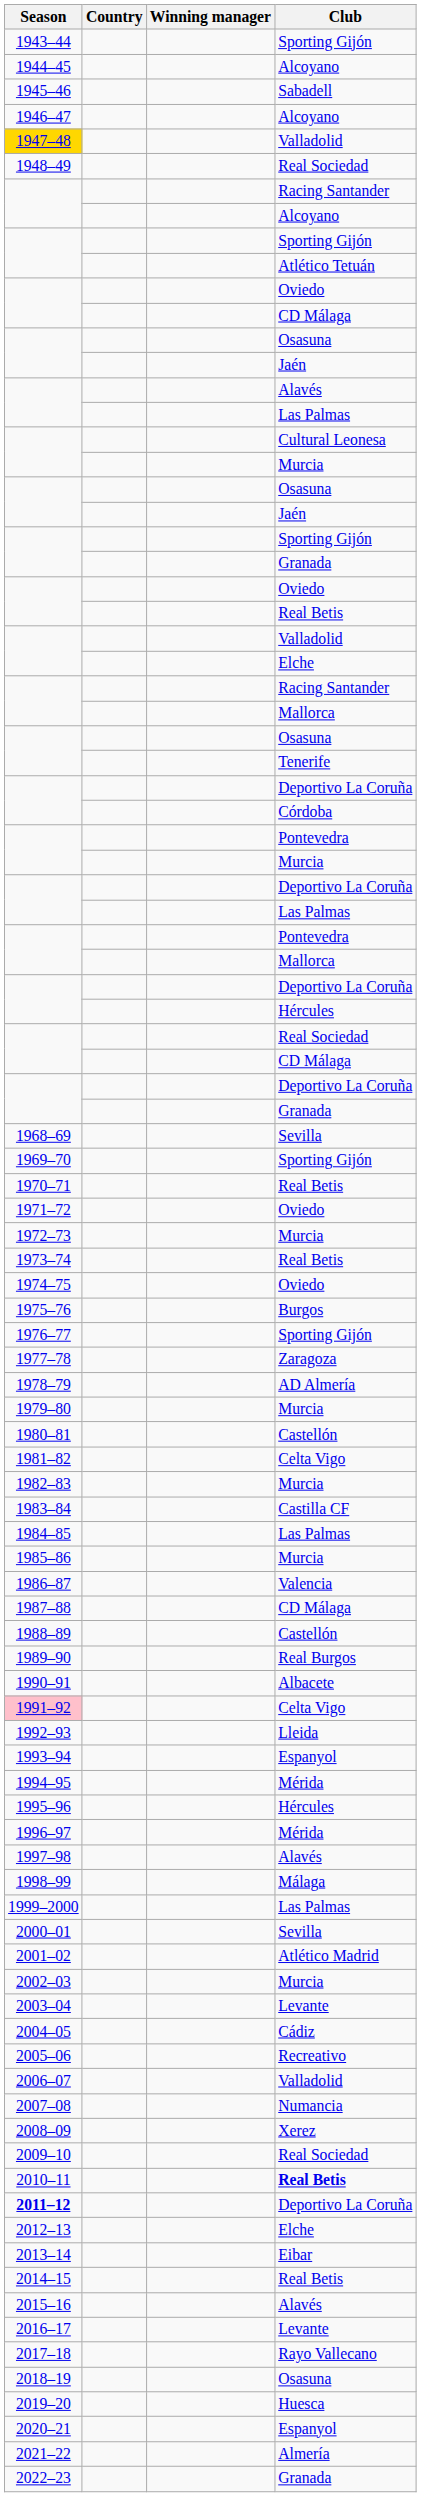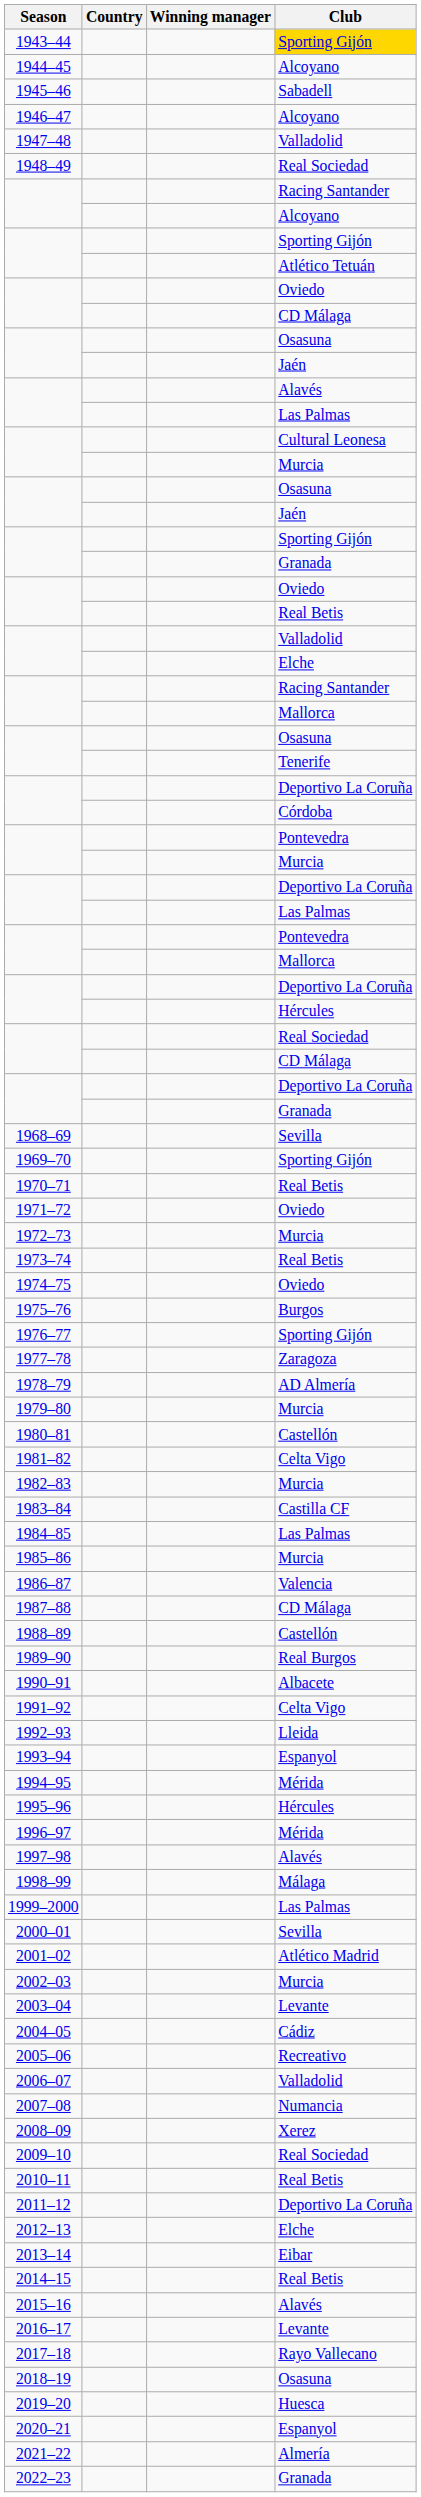 <table class="sortable wikitable">
 <tr>
 <th>Season</th>
 <th>Country</th>
 <th>Winning manager</th>
 <th>Club</th>
 </tr>
 <tr>
 <td align=center><a href='#'>1943–44</a></td>
 <td></td>
 <td></td>
-<td><a href='#'>Sporting Gijón</a></td>
+<td style="background: gold;"><a href='#'>Sporting Gijón</a></td>
 </tr>
 <tr>
 <td align=center><a href='#'>1944–45</a></td>
 <td></td>
 <td></td>
 <td><a href='#'>Alcoyano</a></td>
 </tr>
 <tr>
 <td align=center><a href='#'>1945–46</a></td>
 <td></td>
 <td></td>
 <td><a href='#'>Sabadell</a></td>
 </tr>
 <tr>
 <td align=center><a href='#'>1946–47</a></td>
 <td></td>
 <td> </td>
 <td><a href='#'>Alcoyano</a></td>
 </tr>
 <tr>
-<td align=center style="background: gold;"><a href='#'>1947–48</a></td>
+<td align=center><a href='#'>1947–48</a></td>
 <td></td>
 <td></td>
 <td><a href='#'>Valladolid</a></td>
 </tr>
 <tr>
 <td align=center><a href='#'>1948–49</a></td>
 <td></td>
 <td></td>
 <td><a href='#'>Real Sociedad</a></td>
 </tr>
 <tr>
 <td rowspan="2"></td>
 <td></td>
 <td></td>
 <td><a href='#'>Racing Santander</a></td>
 </tr>
 <tr>
 <td></td>
 <td></td>
 <td><a href='#'>Alcoyano</a></td>
 </tr>
 <tr>
 <td rowspan="2"></td>
 <td></td>
 <td> </td>
 <td><a href='#'>Sporting Gijón</a></td>
 </tr>
 <tr>
 <td></td>
 <td></td>
 <td><a href='#'>Atlético Tetuán</a></td>
 </tr>
 <tr>
 <td rowspan="2"></td>
 <td></td>
 <td></td>
 <td><a href='#'>Oviedo</a></td>
 </tr>
 <tr>
 <td></td>
 <td> </td>
 <td><a href='#'>CD Málaga</a></td>
 </tr>
 <tr>
 <td rowspan="2"></td>
 <td></td>
 <td></td>
 <td><a href='#'>Osasuna</a></td>
 </tr>
 <tr>
 <td></td>
 <td></td>
 <td><a href='#'>Jaén</a></td>
 </tr>
 <tr>
 <td rowspan="2"></td>
 <td></td>
 <td></td>
 <td><a href='#'>Alavés</a></td>
 </tr>
 <tr>
 <td></td>
 <td></td>
 <td><a href='#'>Las Palmas</a></td>
 </tr>
 <tr>
 <td rowspan="2"></td>
 <td></td>
 <td></td>
 <td><a href='#'>Cultural Leonesa</a></td>
 </tr>
 <tr>
 <td></td>
 <td></td>
 <td><a href='#'>Murcia</a></td>
 </tr>
 <tr>
 <td rowspan="2"></td>
 <td></td>
 <td></td>
 <td><a href='#'>Osasuna</a></td>
 </tr>
 <tr>
 <td></td>
 <td> </td>
 <td><a href='#'>Jaén</a></td>
 </tr>
 <tr>
 <td rowspan="2"></td>
 <td></td>
 <td></td>
 <td><a href='#'>Sporting Gijón</a></td>
 </tr>
 <tr>
 <td></td>
 <td></td>
 <td><a href='#'>Granada</a></td>
 </tr>
 <tr>
 <td rowspan="2"></td>
 <td></td>
 <td></td>
 <td><a href='#'>Oviedo</a></td>
 </tr>
 <tr>
 <td></td>
 <td> </td>
 <td><a href='#'>Real Betis</a></td>
 </tr>
 <tr>
 <td rowspan="2"></td>
 <td></td>
 <td></td>
 <td><a href='#'>Valladolid</a></td>
 </tr>
 <tr>
 <td></td>
 <td></td>
 <td><a href='#'>Elche</a></td>
 </tr>
 <tr>
 <td rowspan="2"></td>
 <td></td>
 <td></td>
 <td><a href='#'>Racing Santander</a></td>
 </tr>
 <tr>
 <td></td>
 <td></td>
 <td><a href='#'>Mallorca</a></td>
 </tr>
 <tr>
 <td rowspan="2"></td>
 <td></td>
 <td></td>
 <td><a href='#'>Osasuna</a></td>
 </tr>
 <tr>
 <td></td>
 <td></td>
 <td><a href='#'>Tenerife</a></td>
 </tr>
 <tr>
 <td rowspan="2"></td>
 <td></td>
 <td></td>
 <td><a href='#'>Deportivo La Coruña</a></td>
 </tr>
 <tr>
 <td></td>
 <td></td>
 <td><a href='#'>Córdoba</a></td>
 </tr>
 <tr>
 <td rowspan="2"></td>
 <td></td>
 <td></td>
 <td><a href='#'>Pontevedra</a></td>
 </tr>
 <tr>
 <td></td>
 <td></td>
 <td><a href='#'>Murcia</a></td>
 </tr>
 <tr>
 <td rowspan="2"></td>
 <td></td>
 <td> </td>
 <td><a href='#'>Deportivo La Coruña</a></td>
 </tr>
 <tr>
 <td></td>
 <td></td>
 <td><a href='#'>Las Palmas</a></td>
 </tr>
 <tr>
 <td rowspan="2"></td>
 <td></td>
 <td></td>
 <td><a href='#'>Pontevedra</a></td>
 </tr>
 <tr>
 <td></td>
 <td> </td>
 <td><a href='#'>Mallorca</a></td>
 </tr>
 <tr>
 <td rowspan="2"></td>
 <td></td>
 <td></td>
 <td><a href='#'>Deportivo La Coruña</a></td>
 </tr>
 <tr>
 <td></td>
 <td></td>
 <td><a href='#'>Hércules</a></td>
 </tr>
 <tr>
 <td rowspan="2"></td>
 <td></td>
 <td></td>
 <td><a href='#'>Real Sociedad</a></td>
 </tr>
 <tr>
 <td></td>
 <td></td>
 <td><a href='#'>CD Málaga</a></td>
 </tr>
 <tr>
 <td rowspan="2"></td>
 <td></td>
 <td></td>
 <td><a href='#'>Deportivo La Coruña</a></td>
 </tr>
 <tr>
 <td></td>
 <td></td>
 <td><a href='#'>Granada</a></td>
 </tr>
 <tr>
 <td align=center><a href='#'>1968–69</a></td>
 <td></td>
 <td></td>
 <td><a href='#'>Sevilla</a></td>
 </tr>
 <tr>
 <td align=center><a href='#'>1969–70</a></td>
 <td></td>
 <td></td>
 <td><a href='#'>Sporting Gijón</a></td>
 </tr>
 <tr>
 <td align=center><a href='#'>1970–71</a></td>
 <td></td>
 <td> </td>
 <td><a href='#'>Real Betis</a></td>
 </tr>
 <tr>
 <td align=center><a href='#'>1971–72</a></td>
 <td></td>
 <td></td>
 <td><a href='#'>Oviedo</a></td>
 </tr>
 <tr>
 <td align=center><a href='#'>1972–73</a></td>
 <td></td>
 <td></td>
 <td><a href='#'>Murcia</a></td>
 </tr>
 <tr>
 <td align=center><a href='#'>1973–74</a></td>
 <td></td>
 <td></td>
 <td><a href='#'>Real Betis</a></td>
 </tr>
 <tr>
 <td align=center><a href='#'>1974–75</a></td>
 <td></td>
 <td></td>
 <td><a href='#'>Oviedo</a></td>
 </tr>
 <tr>
 <td align=center><a href='#'>1975–76</a></td>
 <td></td>
 <td></td>
 <td><a href='#'>Burgos</a></td>
 </tr>
 <tr>
 <td align=center><a href='#'>1976–77</a></td>
 <td></td>
 <td> </td>
 <td><a href='#'>Sporting Gijón</a></td>
 </tr>
 <tr>
 <td align=center><a href='#'>1977–78</a></td>
 <td></td>
 <td></td>
 <td><a href='#'>Zaragoza</a></td>
 </tr>
 <tr>
 <td align=center><a href='#'>1978–79</a></td>
 <td></td>
 <td></td>
 <td><a href='#'>AD Almería</a></td>
 </tr>
 <tr>
 <td align=center><a href='#'>1979–80</a></td>
 <td></td>
 <td></td>
 <td><a href='#'>Murcia</a></td>
 </tr>
 <tr>
 <td align=center><a href='#'>1980–81</a></td>
 <td></td>
 <td></td>
 <td><a href='#'>Castellón</a></td>
 </tr>
 <tr>
 <td align=center><a href='#'>1981–82</a></td>
 <td></td>
 <td></td>
 <td><a href='#'>Celta Vigo</a></td>
 </tr>
 <tr>
 <td align=center><a href='#'>1982–83</a></td>
 <td></td>
 <td></td>
 <td><a href='#'>Murcia</a></td>
 </tr>
 <tr>
 <td align=center><a href='#'>1983–84</a></td>
 <td></td>
 <td></td>
 <td><a href='#'>Castilla CF</a></td>
 </tr>
 <tr>
 <td align=center><a href='#'>1984–85</a></td>
 <td></td>
 <td> </td>
 <td><a href='#'>Las Palmas</a></td>
 </tr>
 <tr>
 <td align=center><a href='#'>1985–86</a></td>
 <td></td>
 <td></td>
 <td><a href='#'>Murcia</a></td>
 </tr>
 <tr>
 <td align=center><a href='#'>1986–87</a></td>
 <td></td>
 <td></td>
 <td><a href='#'>Valencia</a></td>
 </tr>
 <tr>
 <td align=center><a href='#'>1987–88</a></td>
 <td></td>
 <td></td>
 <td><a href='#'>CD Málaga</a></td>
 </tr>
 <tr>
 <td align=center><a href='#'>1988–89</a></td>
 <td></td>
 <td></td>
 <td><a href='#'>Castellón</a></td>
 </tr>
 <tr>
 <td align=center><a href='#'>1989–90</a></td>
 <td></td>
 <td></td>
 <td><a href='#'>Real Burgos</a></td>
 </tr>
 <tr>
 <td align=center><a href='#'>1990–91</a></td>
 <td></td>
 <td></td>
 <td><a href='#'>Albacete</a></td>
 </tr>
 <tr>
-<td align=center style="background: pink;"><a href='#'>1991–92</a></td>
+<td align=center><a href='#'>1991–92</a></td>
 <td></td>
 <td></td>
 <td><a href='#'>Celta Vigo</a></td>
 </tr>
 <tr>
 <td align=center><a href='#'>1992–93</a></td>
 <td></td>
 <td></td>
 <td><a href='#'>Lleida</a></td>
 </tr>
 <tr>
 <td align=center><a href='#'>1993–94</a></td>
 <td></td>
 <td></td>
 <td><a href='#'>Espanyol</a></td>
 </tr>
 <tr>
 <td align=center><a href='#'>1994–95</a></td>
 <td></td>
 <td></td>
 <td><a href='#'>Mérida</a></td>
 </tr>
 <tr>
 <td align=center><a href='#'>1995–96</a></td>
 <td></td>
 <td></td>
 <td><a href='#'>Hércules</a></td>
 </tr>
 <tr>
 <td align=center><a href='#'>1996–97</a></td>
 <td></td>
 <td></td>
 <td><a href='#'>Mérida</a></td>
 </tr>
 <tr>
 <td align=center><a href='#'>1997–98</a></td>
 <td></td>
 <td> </td>
 <td><a href='#'>Alavés</a></td>
 </tr>
 <tr>
 <td align=center><a href='#'>1998–99</a></td>
 <td></td>
 <td></td>
 <td><a href='#'>Málaga</a></td>
 </tr>
 <tr>
 <td align=center><a href='#'>1999–2000</a></td>
 <td></td>
 <td> </td>
 <td><a href='#'>Las Palmas</a></td>
 </tr>
 <tr>
 <td align=center><a href='#'>2000–01</a></td>
 <td></td>
 <td></td>
 <td><a href='#'>Sevilla</a></td>
 </tr>
 <tr>
 <td align=center><a href='#'>2001–02</a></td>
 <td></td>
 <td></td>
 <td><a href='#'>Atlético Madrid</a></td>
 </tr>
 <tr>
 <td align=center><a href='#'>2002–03</a></td>
 <td></td>
 <td></td>
 <td><a href='#'>Murcia</a></td>
 </tr>
 <tr>
 <td align=center><a href='#'>2003–04</a></td>
 <td></td>
 <td></td>
 <td><a href='#'>Levante</a></td>
 </tr>
 <tr>
 <td align=center><a href='#'>2004–05</a></td>
 <td></td>
 <td></td>
 <td><a href='#'>Cádiz</a></td>
 </tr>
 <tr>
 <td align=center><a href='#'>2005–06</a></td>
 <td></td>
 <td></td>
 <td><a href='#'>Recreativo</a></td>
 </tr>
 <tr>
 <td align=center><a href='#'>2006–07</a></td>
 <td></td>
 <td></td>
 <td><a href='#'>Valladolid</a></td>
 </tr>
 <tr>
 <td align=center><a href='#'>2007–08</a></td>
 <td></td>
 <td></td>
 <td><a href='#'>Numancia</a></td>
 </tr>
 <tr>
 <td align=center><a href='#'>2008–09</a></td>
 <td></td>
 <td></td>
 <td><a href='#'>Xerez</a></td>
 </tr>
 <tr>
 <td align=center><a href='#'>2009–10</a></td>
 <td></td>
 <td></td>
 <td><a href='#'>Real Sociedad</a></td>
 </tr>
 <tr>
 <td align=center><a href='#'>2010–11</a></td>
 <td></td>
 <td></td>
-<td><strong><a href='#'>Real Betis</a></strong></td>
+<td><a href='#'>Real Betis</a></td>
 </tr>
 <tr>
-<td align=center><strong><a href='#'>2011–12</a></strong></td>
+<td align=center><a href='#'>2011–12</a></td>
 <td></td>
 <td></td>
 <td><a href='#'>Deportivo La Coruña</a></td>
 </tr>
 <tr>
 <td align=center><a href='#'>2012–13</a></td>
 <td></td>
 <td></td>
 <td><a href='#'>Elche</a></td>
 </tr>
 <tr>
 <td align=center><a href='#'>2013–14</a></td>
 <td></td>
 <td></td>
 <td><a href='#'>Eibar</a></td>
 </tr>
 <tr>
 <td align=center><a href='#'>2014–15</a></td>
 <td></td>
 <td> </td>
 <td><a href='#'>Real Betis</a></td>
 </tr>
 <tr>
 <td align=center><a href='#'>2015–16</a></td>
 <td></td>
 <td></td>
 <td><a href='#'>Alavés</a></td>
 </tr>
 <tr>
 <td align=center><a href='#'>2016–17</a></td>
 <td></td>
 <td></td>
 <td><a href='#'>Levante</a></td>
 </tr>
 <tr>
 <td align=center><a href='#'>2017–18</a></td>
 <td></td>
 <td></td>
 <td><a href='#'>Rayo Vallecano</a></td>
 </tr>
 <tr>
 <td align=center><a href='#'>2018–19</a></td>
 <td></td>
 <td></td>
 <td><a href='#'>Osasuna</a></td>
 </tr>
 <tr>
 <td align=center><a href='#'>2019–20</a></td>
 <td></td>
 <td> </td>
 <td><a href='#'>Huesca</a></td>
 </tr>
 <tr>
 <td align=center><a href='#'>2020–21</a></td>
 <td></td>
 <td></td>
 <td><a href='#'>Espanyol</a></td>
 </tr>
 <tr>
 <td align=center><a href='#'>2021–22</a></td>
 <td></td>
 <td></td>
 <td><a href='#'>Almería</a></td>
 </tr>
 <tr>
 <td align=center><a href='#'>2022–23</a></td>
 <td></td>
 <td></td>
 <td><a href='#'>Granada</a></td>
 </tr>
 </table>
